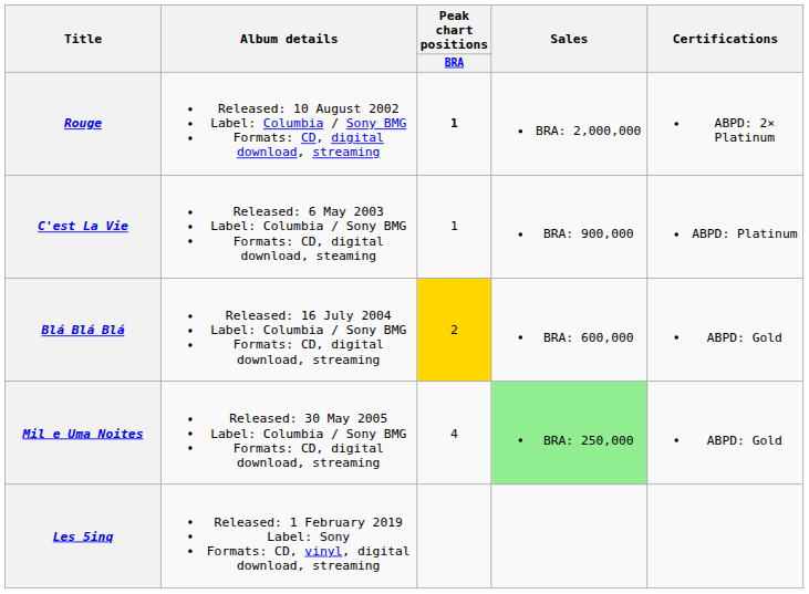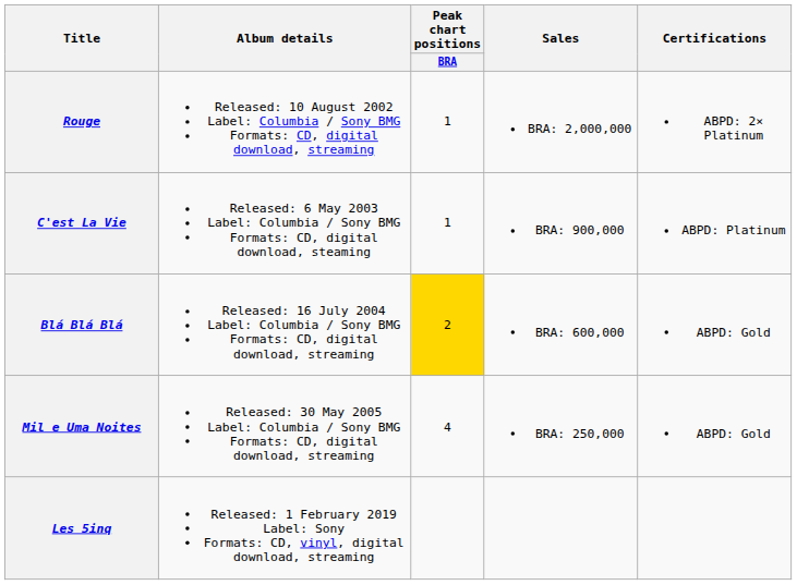 <table class="wikitable plainrowheaders" style="text-align:center;" border="1">
 <tr>
 <th scope="col" rowspan="2" style="width:12em;">Title</th>
 <th scope="col" rowspan="2" style="width:20em;">Album details</th>
 <th scope="col" colspan="1">Peak chart positions</th>
 <th scope="col" rowspan="2" style="width:12em;">Sales</th>
 <th scope="col" rowspan="2" style="width:12em;">Certifications</th>
 </tr>
 <tr>
 <th scope="col" style="width:3em;font-size:85%;"><a href='#'>BRA</a></th>
 </tr>
 <tr>
 <th scope="row"><strong><em><a href='#'>Rouge</a></em></strong></th>
 <td><br><ul><li>Released: 10 August 2002</li><li>Label: <a href='#'>Columbia</a> / <a href='#'>Sony BMG</a></li><li>Formats: <a href='#'>CD</a>, <a href='#'>digital download</a>, <a href='#'>streaming</a></li></ul></td>
-<td><strong>1</strong></td>
+<td>1</td>
 <td><br><ul><li>BRA: 2,000,000</li></ul></td>
 <td><br><ul><li>ABPD: 2× Platinum</li></ul></td>
 </tr>
 <tr>
 <th scope="row"><strong><em><a href='#'>C'est La Vie</a></em></strong></th>
 <td><br><ul><li>Released: 6 May 2003</li><li>Label: Columbia / Sony BMG</li><li>Formats: CD, digital download, steaming</li></ul></td>
 <td>1</td>
 <td><br><ul><li>BRA: 900,000</li></ul></td>
 <td><br><ul><li>ABPD: Platinum</li></ul></td>
 </tr>
 <tr>
 <th scope="row"><strong><em><a href='#'>Blá Blá Blá</a></em></strong></th>
 <td><br><ul><li>Released: 16 July 2004</li><li>Label: Columbia / Sony BMG</li><li>Formats: CD, digital download, streaming</li></ul></td>
 <td style="background: gold;">2</td>
 <td><br><ul><li>BRA: 600,000</li></ul></td>
 <td><br><ul><li>ABPD: Gold</li></ul></td>
 </tr>
 <tr>
 <th scope="row"><strong><em><a href='#'>Mil e Uma Noites</a></em></strong></th>
 <td><br><ul><li>Released: 30 May 2005</li><li>Label: Columbia / Sony BMG</li><li>Formats: CD, digital download, streaming</li></ul></td>
 <td>4</td>
-<td style="background: lightgreen;"><br><ul><li>BRA: 250,000</li></ul></td>
+<td><br><ul><li>BRA: 250,000</li></ul></td>
 <td><br><ul><li>ABPD: Gold</li></ul></td>
 </tr>
 <tr>
 <th scope="row"><strong><em><a href='#'>Les 5inq</a></em></strong></th>
 <td><br><ul><li>Released: 1 February 2019</li><li>Label: Sony</li><li>Formats: CD, <a href='#'>vinyl</a>, digital download, streaming</li></ul></td>
 <td></td>
 <td></td>
 <td></td>
 </tr>
 </table>
